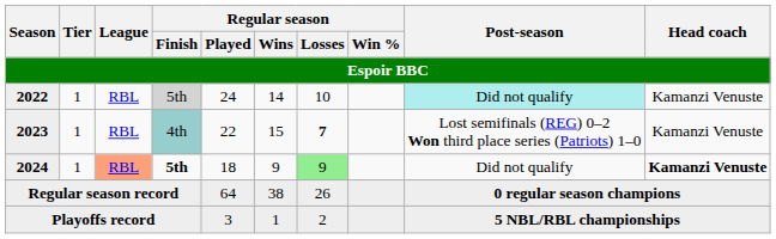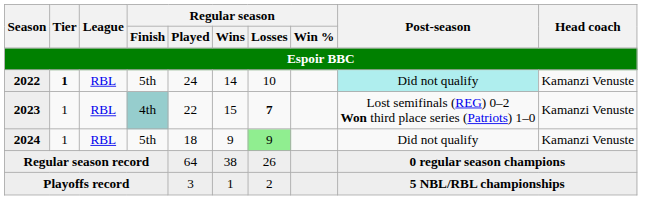 <table class="wikitable" style="font-size:95%; text-align:center">
 <tr>
 <th rowspan="2">Season</th>
 <th rowspan="2">Tier</th>
 <th rowspan="2">League</th>
 <th colspan="5">Regular season</th>
 <th rowspan="2">Post-season</th>
 <th rowspan="2">Head coach</th>
 </tr>
 <tr>
 <th>Finish</th>
 <th>Played</th>
 <th>Wins</th>
 <th>Losses</th>
 <th>Win %</th>
 </tr>
 <tr>
 <td colspan="12" align="center" style="background:green; color:white;"><strong>Espoir BBC</strong></td>
 </tr>
 <tr>
 <th style="background:#eee;">2022</th>
-<td style="text-align:center;">1</td>
+<td style="text-align:center;"><strong>1</strong></td>
 <td style="text-align:center;"><a href='#'>RBL</a></td>
-<td style="background: lightgrey; text-align:center;">5th</td>
+<td style="text-align:center;">5th</td>
 <td style="text-align:center;">24</td>
 <td style="text-align:center;">14</td>
 <td style="text-align:center;">10</td>
 <td style="text-align:center;"></td>
 <td style="background: paleturquoise; text-align:center;">Did not qualify</td>
 <td style="text-align:center;">Kamanzi Venuste</td>
 </tr>
 <tr>
 <th style="background:#eee;">2023</th>
 <td style="text-align:center;">1</td>
 <td style="text-align:center;"><a href='#'>RBL</a></td>
 <td style="background-color:#96CDCD;">4th</td>
 <td style="text-align:center;">22</td>
 <td style="text-align:center;">15</td>
 <td style="text-align:center;"><strong>7</strong></td>
 <td style="text-align:center;"></td>
 <td style="text-align:center;">Lost semifinals (<a href='#'>REG</a>) 0–2<br><strong>Won</strong> third place series (<a href='#'>Patriots</a>) 1–0</td>
 <td style="text-align:center;">Kamanzi Venuste</td>
 </tr>
 <tr>
 <th style="background:#eee;">2024</th>
 <td style="text-align:center;">1</td>
-<td style="background: lightsalmon; text-align:center;"><a href='#'>RBL</a></td>
-<td style="text-align:center;"><strong>5th</strong></td>
+<td style="text-align:center;"><a href='#'>RBL</a></td>
+<td style="text-align:center;">5th</td>
 <td style="text-align:center;">18</td>
 <td style="text-align:center;">9</td>
 <td style="background: lightgreen; text-align:center;">9</td>
 <td style="text-align:center;"></td>
 <td style="text-align:center;">Did not qualify</td>
-<td style="text-align:center;"><strong>Kamanzi Venuste</strong></td>
+<td style="text-align:center;">Kamanzi Venuste</td>
 </tr>
 <tr>
 <th colspan="4" style="background:#eee;">Regular season record</th>
 <td style="background:#eee;">64</td>
 <td style="background:#eee;">38</td>
 <td style="background:#eee;">26</td>
 <td style="background:#eee;"></td>
 <td colspan="2" style="background:#eee;"><strong>0 regular season champions</strong></td>
 </tr>
 <tr>
 <th colspan="4" style="background:#eee;">Playoffs record</th>
 <td style="background:#eee;">3</td>
 <td style="background:#eee;">1</td>
 <td style="background:#eee;">2</td>
 <td style="background:#eee;"></td>
 <td colspan="2" style="background:#eee;"><strong>5 NBL/RBL championships</strong></td>
 </tr>
 </table>
